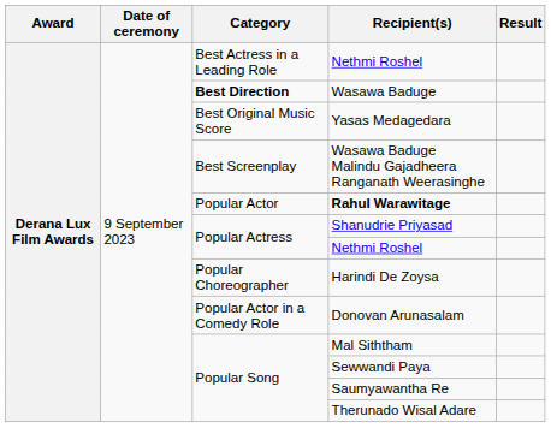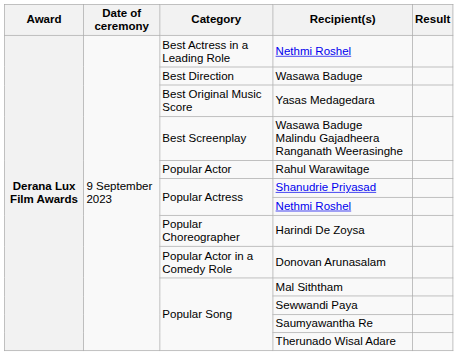 <table class="wikitable sortable plainrowheaders" style="width: 100%;">
 <tr>
 <th scope="col">Award</th>
 <th scope="col">Date of ceremony</th>
 <th scope="col">Category</th>
 <th scope="col">Recipient(s)</th>
 <th scope="col">Result</th>
 </tr>
 <tr>
 <th scope="row" rowspan="13">Derana Lux Film Awards</th>
 <td rowspan="13">9 September 2023</td>
 <td>Best Actress in a Leading Role</td>
 <td><a href='#'>Nethmi Roshel</a></td>
 <td></td>
 </tr>
 <tr>
-<td><strong>Best Direction</strong></td>
+<td>Best Direction</td>
 <td>Wasawa Baduge</td>
 <td></td>
 </tr>
 <tr>
 <td>Best Original Music Score</td>
 <td>Yasas Medagedara</td>
 <td></td>
 </tr>
 <tr>
 <td>Best Screenplay</td>
 <td>Wasawa Baduge<br>Malindu Gajadheera Ranganath Weerasinghe</td>
 <td></td>
 </tr>
 <tr>
 <td>Popular Actor</td>
-<td><strong>Rahul Warawitage</strong></td>
+<td>Rahul Warawitage</td>
 <td></td>
 </tr>
 <tr>
 <td rowspan="2">Popular Actress</td>
 <td><a href='#'>Shanudrie Priyasad</a></td>
 <td></td>
 </tr>
 <tr>
 <td><a href='#'>Nethmi Roshel</a></td>
 <td></td>
 </tr>
 <tr>
 <td>Popular Choreographer</td>
 <td>Harindi De Zoysa</td>
 <td></td>
 </tr>
 <tr>
 <td>Popular Actor in a Comedy Role</td>
 <td>Donovan Arunasalam</td>
 <td></td>
 </tr>
 <tr>
 <td rowspan="4">Popular Song</td>
 <td>Mal Siththam</td>
 <td></td>
 </tr>
 <tr>
 <td>Sewwandi Paya</td>
 <td></td>
 </tr>
 <tr>
 <td>Saumyawantha Re</td>
 <td></td>
 </tr>
 <tr>
 <td>Therunado Wisal Adare</td>
 <td></td>
 </tr>
 </table>
